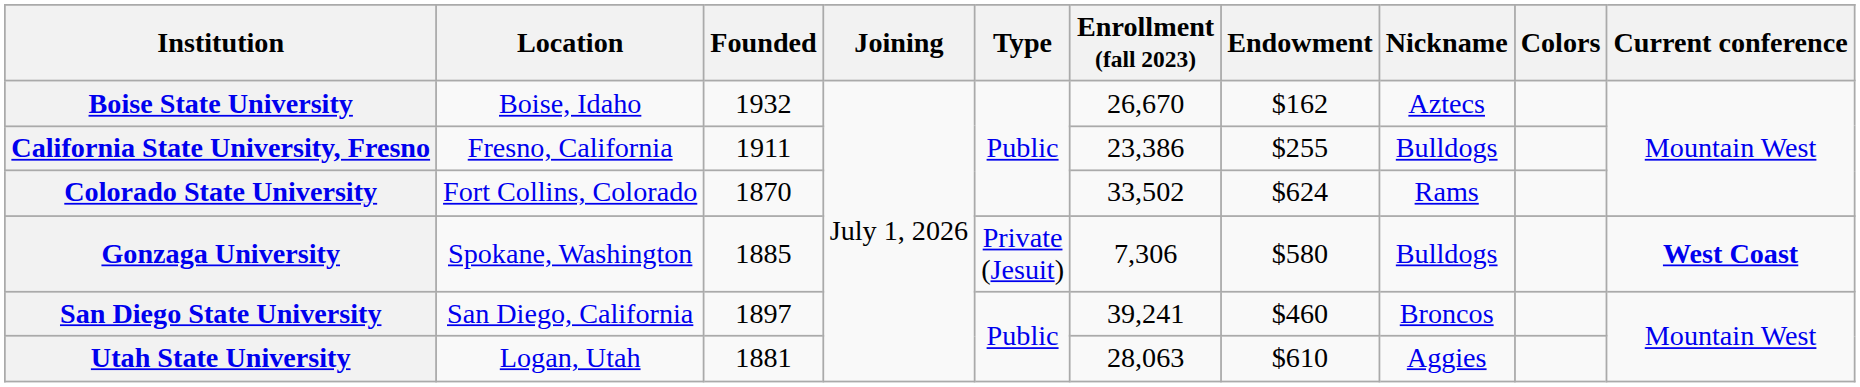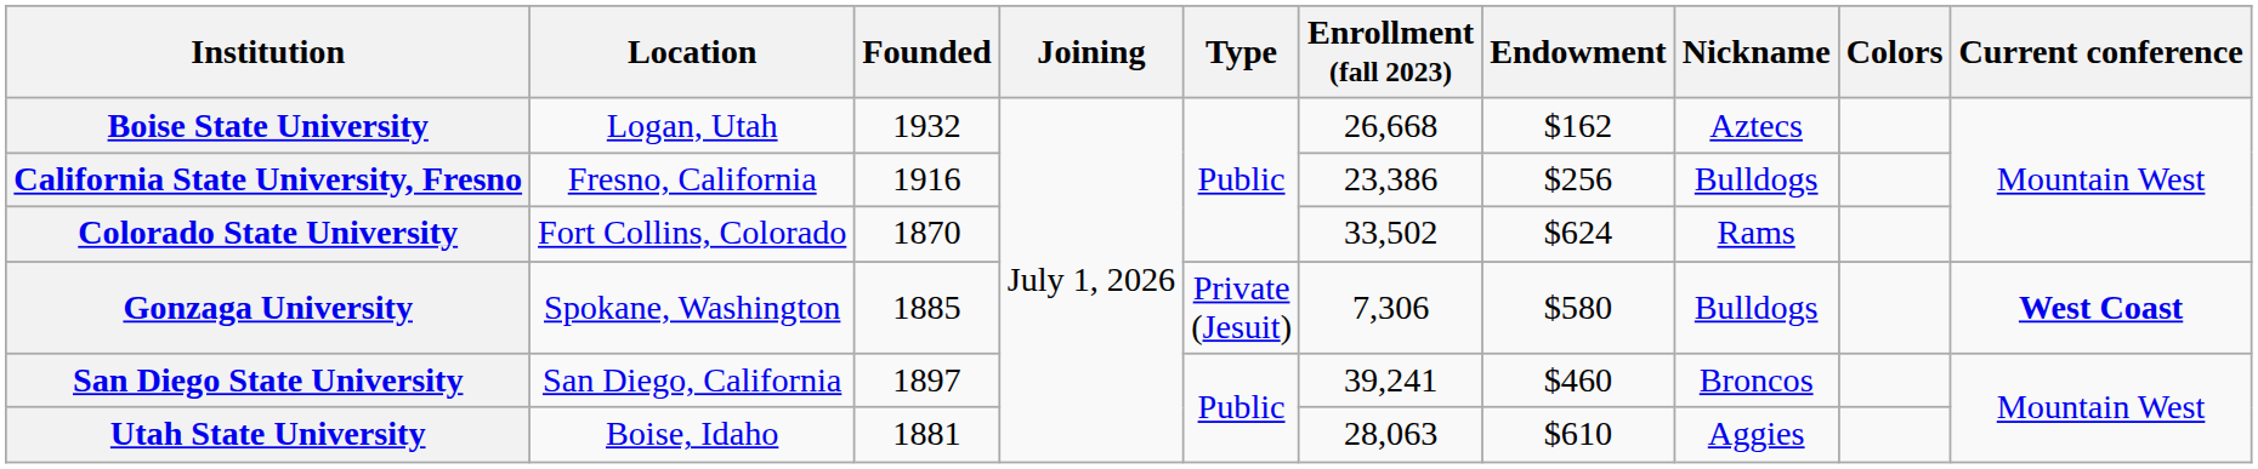 <table class="wikitable sortable plainrowheaders" style="text-align:center;">
 <tr>
 <th>Institution</th>
 <th>Location</th>
 <th>Founded</th>
 <th>Joining</th>
 <th>Type</th>
 <th>Enrollment<br><small>(fall 2023)</small></th>
 <th>Endowment<br></th>
 <th>Nickname</th>
 <th>Colors</th>
 <th>Current conference</th>
 </tr>
 <tr>
 <th scope="row"><strong><a href='#'>Boise State University</a></strong></th>
-<td><a href='#'>Boise, Idaho</a></td>
+<td><a href='#'>Logan, Utah</a></td>
 <td>1932</td>
 <td rowspan="6">July 1, 2026</td>
 <td rowspan="3"><a href='#'>Public</a></td>
-<td>26,670</td>
+<td>26,668</td>
 <td>$162</td>
 <td><a href='#'>Aztecs</a></td>
 <td></td>
 <td rowspan="3"><a href='#'>Mountain West</a></td>
 </tr>
 <tr>
 <th scope="row"><strong><a href='#'>California State University, Fresno</a></strong></th>
 <td><a href='#'>Fresno, California</a></td>
-<td>1911</td>
+<td>1916</td>
 <td>23,386</td>
-<td>$255</td>
+<td>$256</td>
 <td><a href='#'>Bulldogs</a></td>
 <td></td>
 </tr>
 <tr>
 <th scope="row"><strong><a href='#'>Colorado State University</a></strong></th>
 <td><a href='#'>Fort Collins, Colorado</a></td>
 <td>1870</td>
 <td>33,502</td>
 <td>$624</td>
 <td><a href='#'>Rams</a></td>
 <td></td>
 </tr>
 <tr>
 <th scope="row"><strong><a href='#'>Gonzaga University</a></strong></th>
 <td><a href='#'>Spokane, Washington</a></td>
 <td>1885</td>
 <td><a href='#'>Private</a><br>(<a href='#'>Jesuit</a>)</td>
 <td>7,306</td>
 <td>$580</td>
 <td><a href='#'>Bulldogs</a></td>
 <td>  </td>
 <td><strong><a href='#'>West Coast</a></strong></td>
 </tr>
 <tr>
 <th scope="row"><strong><a href='#'>San Diego State University</a></strong></th>
 <td><a href='#'>San Diego, California</a></td>
 <td>1897</td>
 <td rowspan="2"><a href='#'>Public</a></td>
 <td>39,241</td>
 <td>$460</td>
 <td><a href='#'>Broncos</a></td>
 <td></td>
 <td rowspan="2"><a href='#'>Mountain West</a></td>
 </tr>
 <tr>
 <th scope="row"><strong><a href='#'>Utah State University</a></strong></th>
-<td><a href='#'>Logan, Utah</a></td>
+<td><a href='#'>Boise, Idaho</a></td>
 <td>1881</td>
 <td>28,063</td>
 <td>$610</td>
 <td><a href='#'>Aggies</a></td>
 <td></td>
 </tr>
 </table>
